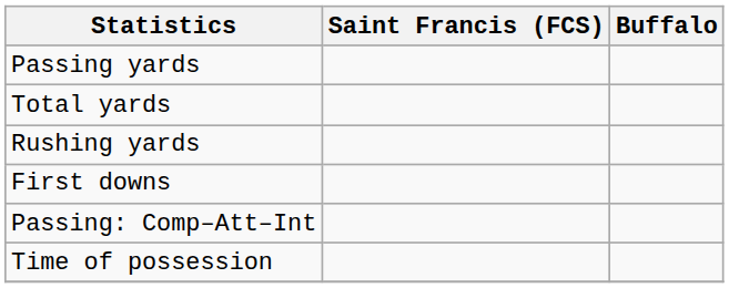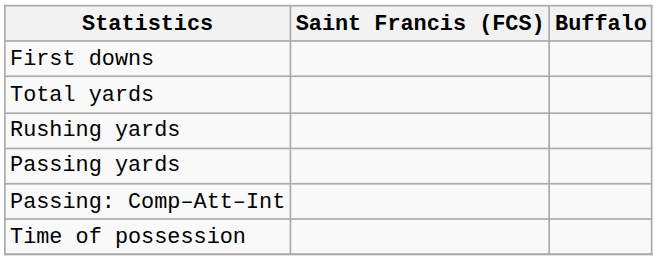 <table class="wikitable" style="float: left;">
 <tr>
 <th>Statistics</th>
 <th>Saint Francis (FCS)</th>
 <th>Buffalo</th>
 </tr>
 <tr>
-<td>Passing yards</td>
+<td>First downs</td>
 <td></td>
 <td></td>
 </tr>
 <tr>
 <td>Total yards</td>
 <td></td>
 <td></td>
 </tr>
 <tr>
 <td>Rushing yards</td>
 <td></td>
 <td></td>
 </tr>
 <tr>
-<td>First downs</td>
+<td>Passing yards</td>
 <td></td>
 <td></td>
 </tr>
 <tr>
 <td>Passing: Comp–Att–Int</td>
 <td></td>
 <td></td>
 </tr>
 <tr>
 <td>Time of possession</td>
 <td></td>
 <td></td>
 </tr>
 <tr>
 </tr>
 </table>
